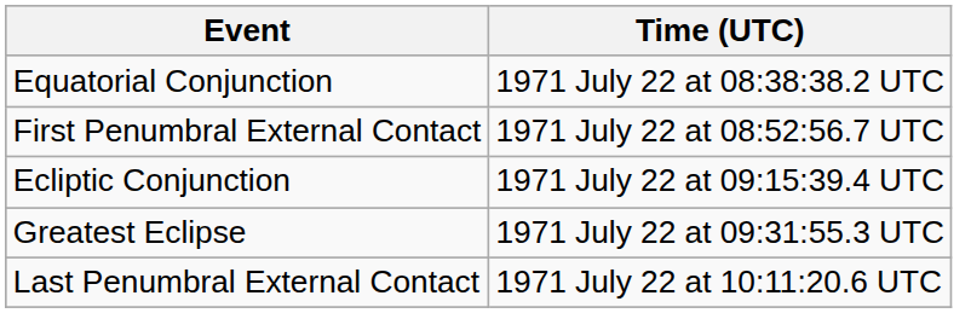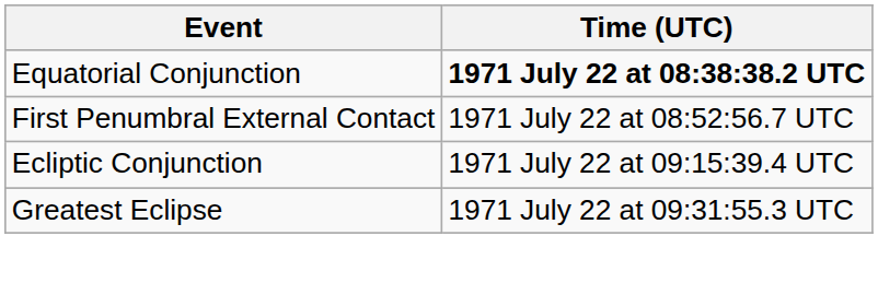 <table class="wikitable">
 <tr>
 <th>Event</th>
 <th>Time (UTC)</th>
 </tr>
 <tr>
 <td>Equatorial Conjunction</td>
-<td>1971 July 22 at 08:38:38.2 UTC</td>
+<td><strong>1971 July 22 at 08:38:38.2 UTC</strong></td>
 </tr>
 <tr>
 <td>First Penumbral External Contact</td>
 <td>1971 July 22 at 08:52:56.7 UTC</td>
 </tr>
 <tr>
 <td>Ecliptic Conjunction</td>
 <td>1971 July 22 at 09:15:39.4 UTC</td>
 </tr>
 <tr>
 <td>Greatest Eclipse</td>
 <td>1971 July 22 at 09:31:55.3 UTC</td>
 </tr>
-<tr>
-<td>Last Penumbral External Contact</td>
-<td>1971 July 22 at 10:11:20.6 UTC</td>
-</tr>
 </table>
